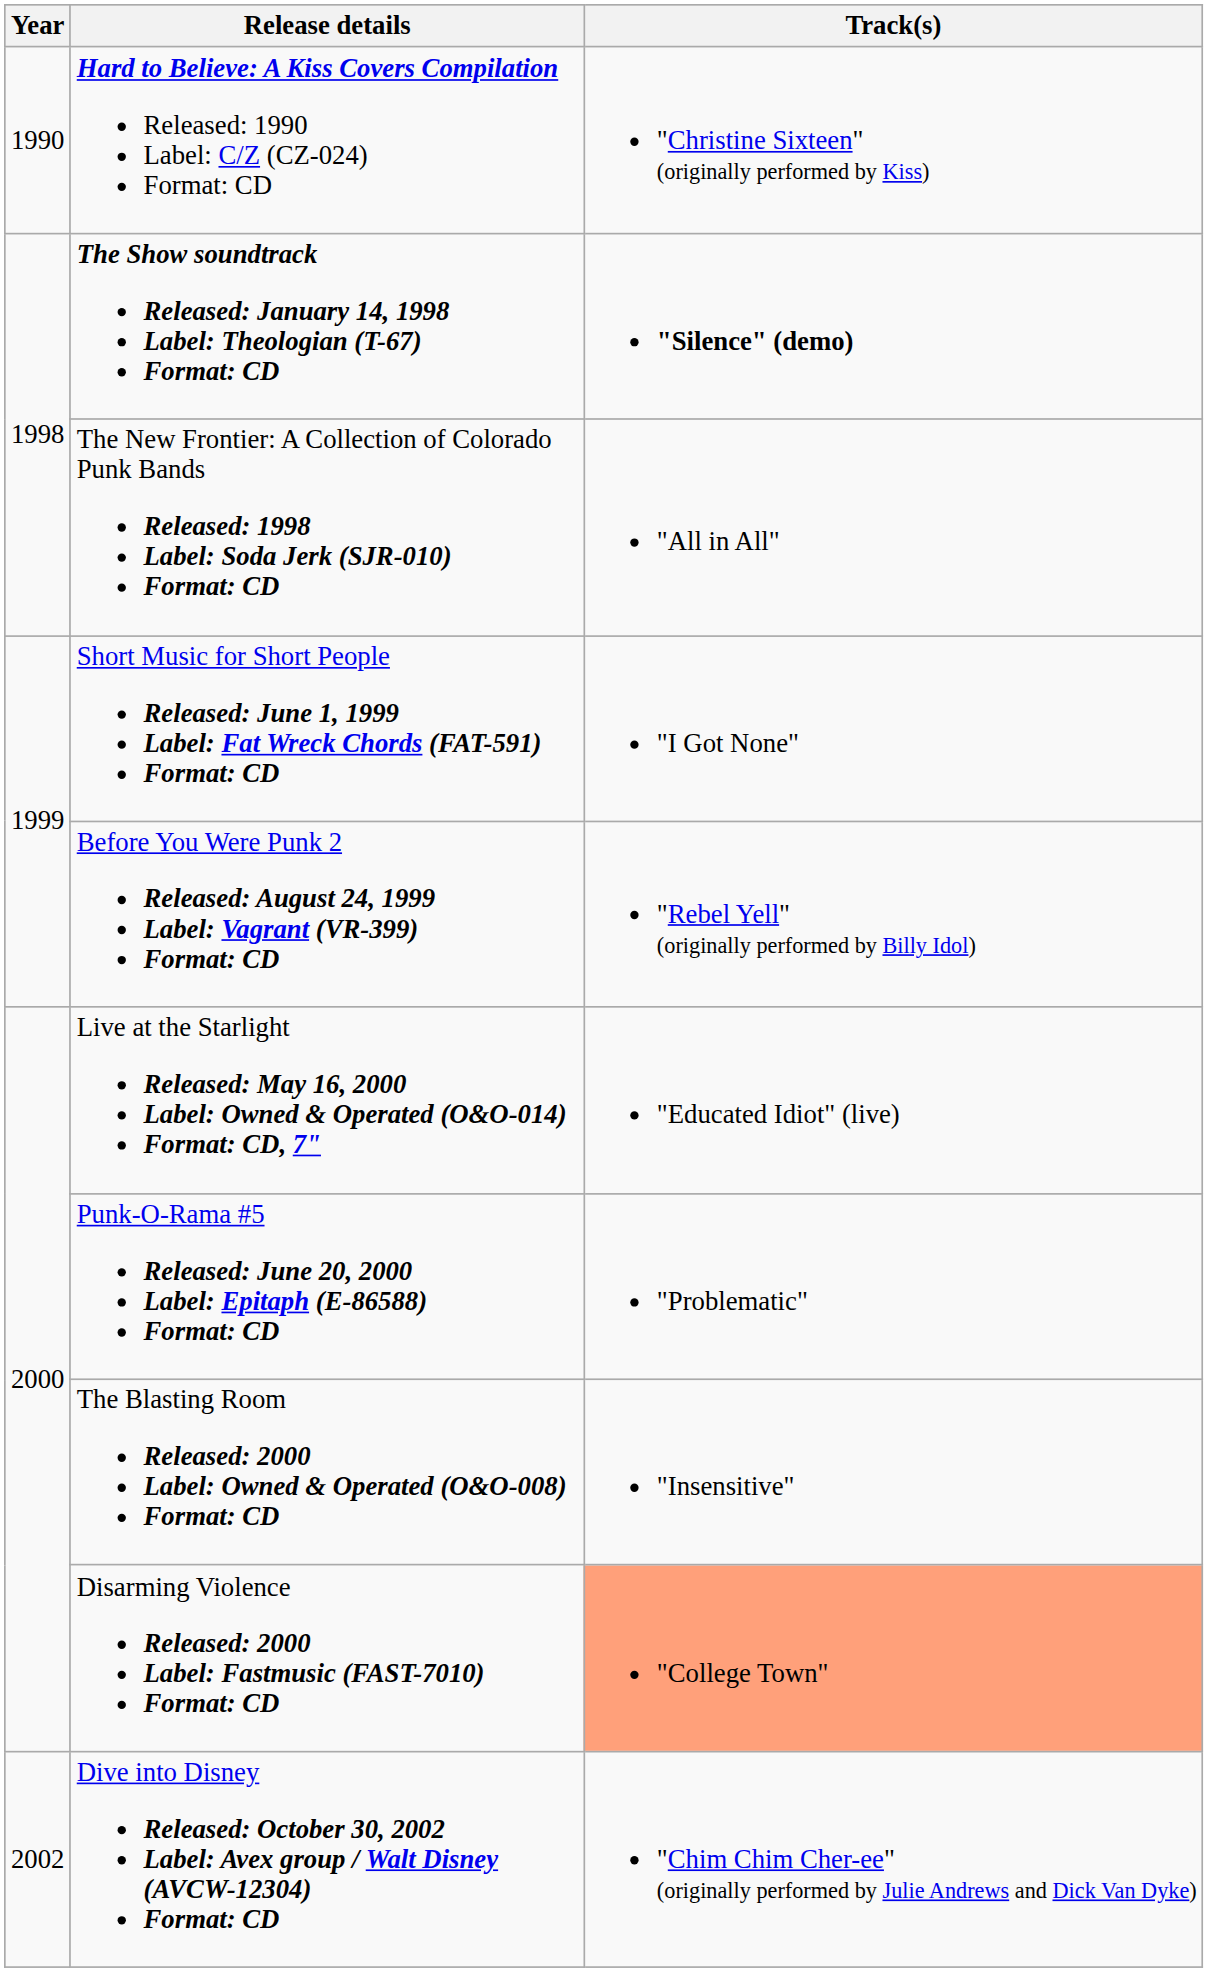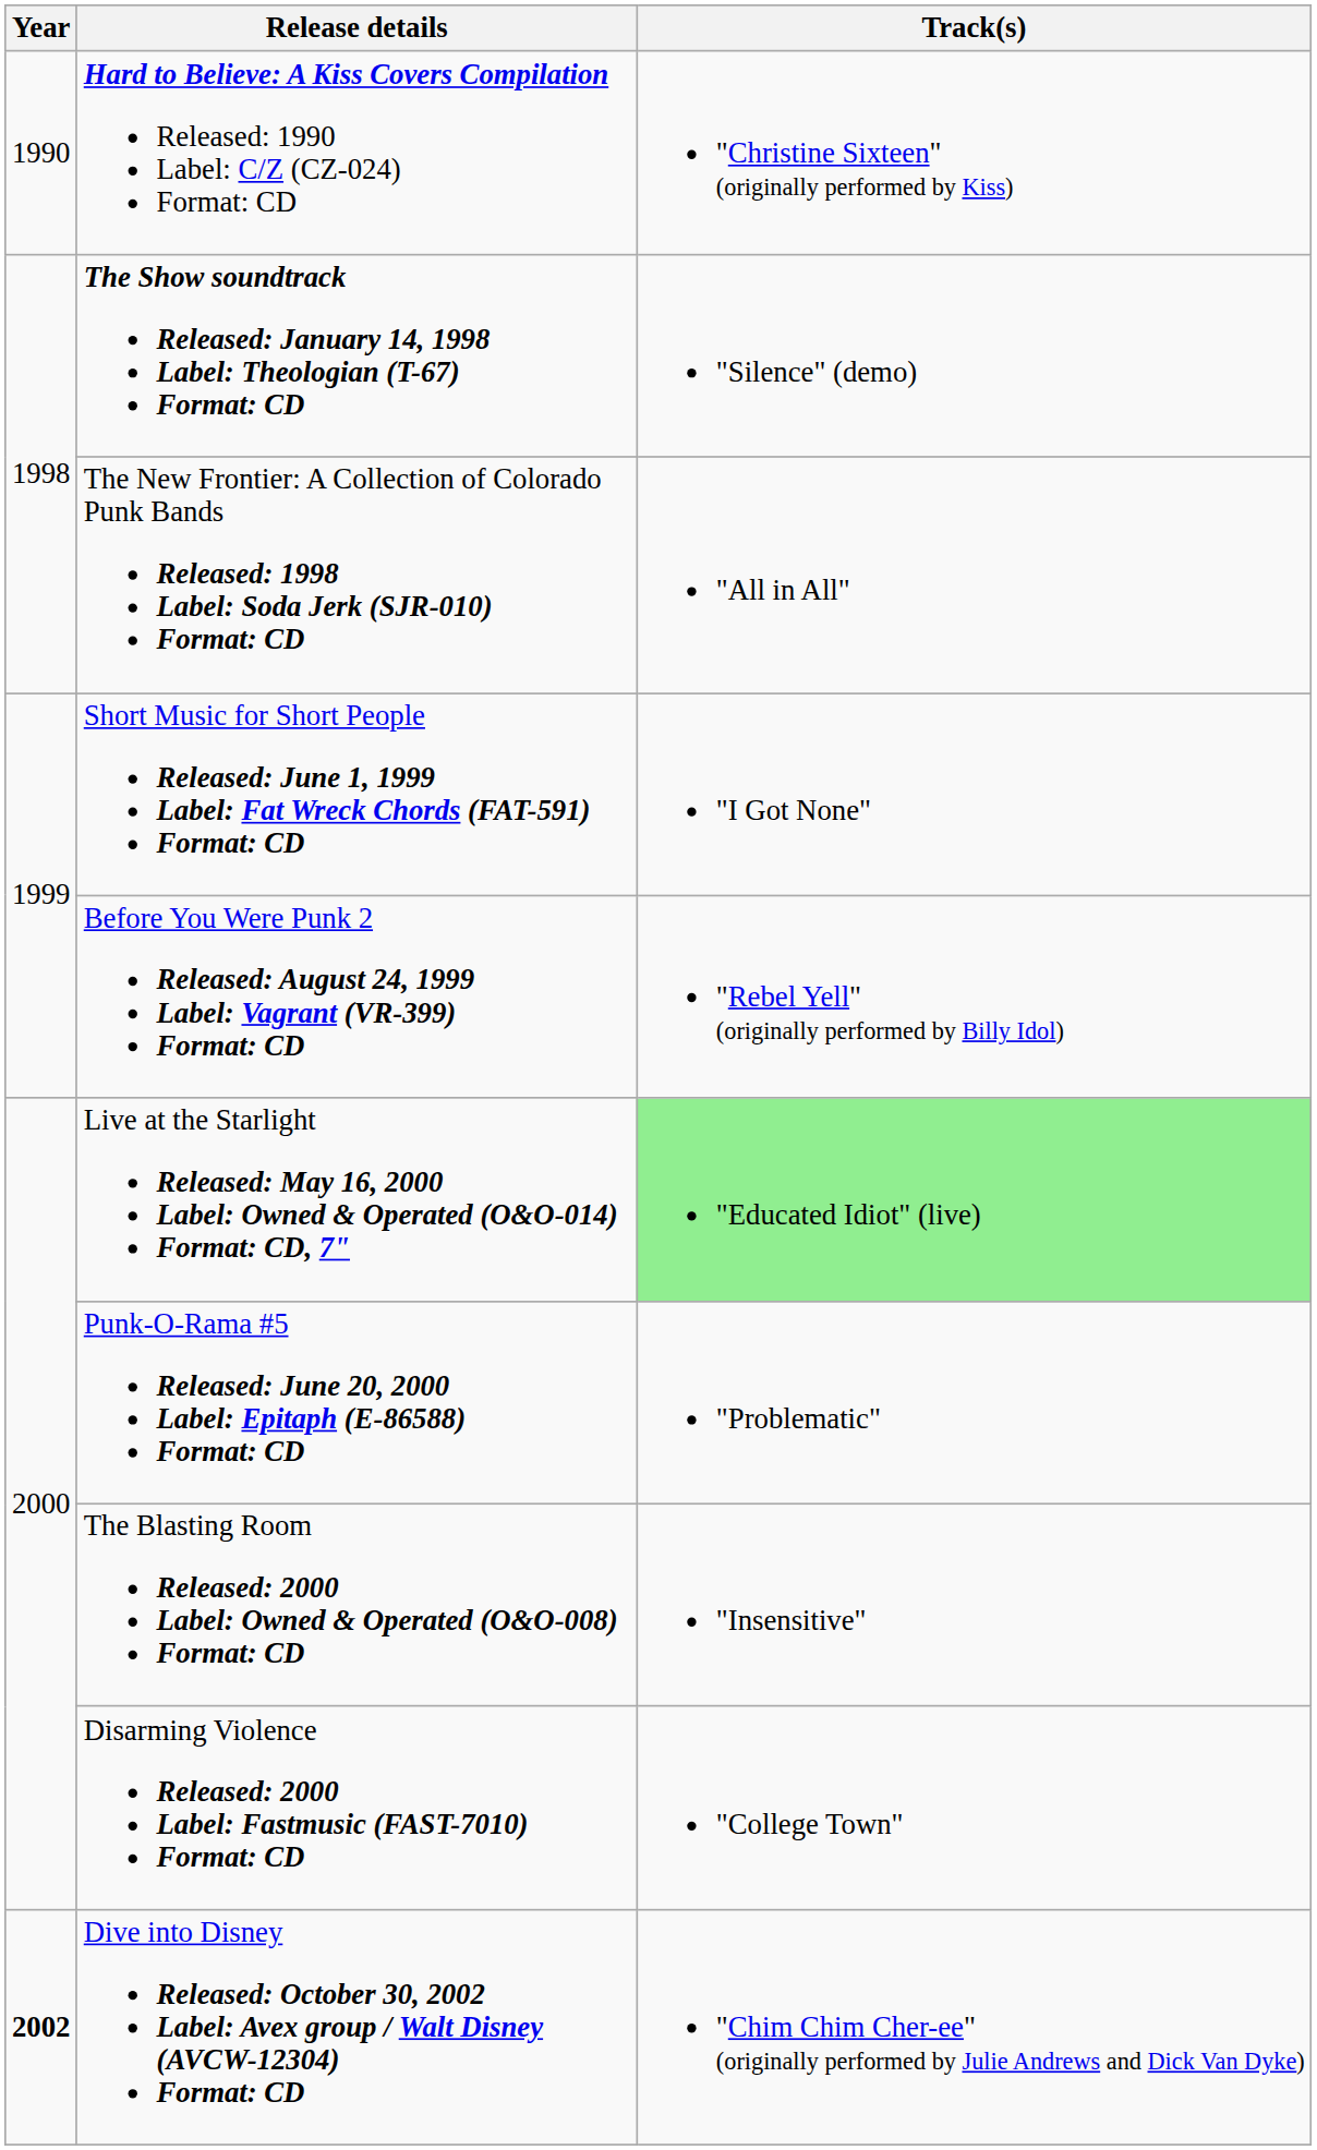 <table class ="wikitable">
 <tr>
 <th>Year</th>
 <th width="300">Release details</th>
 <th>Track(s)</th>
 </tr>
 <tr>
 <td>1990</td>
 <td><strong><em><a href='#'>Hard to Believe: A Kiss Covers Compilation</a></em></strong><br><ul><li>Released: 1990</li><li>Label: <a href='#'>C/Z</a> (CZ-024)</li><li>Format: CD</li></ul></td>
 <td><br><ul><li>"<a href='#'>Christine Sixteen</a>"<br><small>(originally performed by <a href='#'>Kiss</a>)</small></li></ul></td>
 </tr>
 <tr>
 <td rowspan="2">1998</td>
 <td><strong><em>The Show<em> soundtrack<strong><br><ul><li>Released: January 14, 1998</li><li>Label: Theologian (T-67)</li><li>Format: CD</li></ul></td>
-<td><strong><br><ul><li>"Silence" (demo)</li></ul></strong></td>
+<td><br><ul><li>"Silence" (demo)</li></ul></td>
 </tr>
 <tr>
 <td></em></strong>The New Frontier: A Collection of Colorado Punk Bands<strong><em><br><ul><li>Released: 1998</li><li>Label: Soda Jerk (SJR-010)</li><li>Format: CD</li></ul></td>
 <td><br><ul><li>"All in All"</li></ul></td>
 </tr>
 <tr>
 <td rowspan="2">1999</td>
 <td></em></strong><a href='#'>Short Music for Short People</a><strong><em><br><ul><li>Released: June 1, 1999</li><li>Label: <a href='#'>Fat Wreck Chords</a> (FAT-591)</li><li>Format: CD</li></ul></td>
 <td><br><ul><li>"I Got None"</li></ul></td>
 </tr>
 <tr>
 <td></em></strong><a href='#'>Before You Were Punk 2</a><strong><em><br><ul><li>Released: August 24, 1999</li><li>Label: <a href='#'>Vagrant</a> (VR-399)</li><li>Format: CD</li></ul></td>
 <td><br><ul><li>"<a href='#'>Rebel Yell</a>"<br><small>(originally performed by <a href='#'>Billy Idol</a>)</small></li></ul></td>
 </tr>
 <tr>
 <td rowspan="4">2000</td>
 <td></em></strong>Live at the Starlight<strong><em><br><ul><li>Released: May 16, 2000</li><li>Label: Owned & Operated (O&O-014)</li><li>Format: CD, <a href='#'>7"</a></li></ul></td>
-<td><br><ul><li>"Educated Idiot" (live)</li></ul></td>
+<td style="background: lightgreen;"><br><ul><li>"Educated Idiot" (live)</li></ul></td>
 </tr>
 <tr>
 <td></em></strong><a href='#'>Punk-O-Rama #5</a><strong><em><br><ul><li>Released: June 20, 2000</li><li>Label: <a href='#'>Epitaph</a> (E-86588)</li><li>Format: CD</li></ul></td>
 <td><br><ul><li>"Problematic"</li></ul></td>
 </tr>
 <tr>
 <td></em></strong>The Blasting Room<strong><em><br><ul><li>Released: 2000</li><li>Label: Owned & Operated (O&O-008)</li><li>Format: CD</li></ul></td>
 <td><br><ul><li>"Insensitive"</li></ul></td>
 </tr>
 <tr>
 <td></em></strong>Disarming Violence<strong><em><br><ul><li>Released: 2000</li><li>Label: Fastmusic (FAST-7010)</li><li>Format: CD</li></ul></td>
-<td style="background: lightsalmon;"><br><ul><li>"College Town"</li></ul></td>
+<td><br><ul><li>"College Town"</li></ul></td>
 </tr>
 <tr>
-<td>2002</td>
+<td><strong>2002</strong></td>
 <td></em></strong><a href='#'>Dive into Disney</a><strong><em><br><ul><li>Released: October 30, 2002</li><li>Label: Avex group / <a href='#'>Walt Disney</a> (AVCW-12304)</li><li>Format: CD</li></ul></td>
 <td><br><ul><li>"<a href='#'>Chim Chim Cher-ee</a>"<br><small>(originally performed by <a href='#'>Julie Andrews</a> and <a href='#'>Dick Van Dyke</a>)</small></li></ul></td>
 </tr>
 </table>
